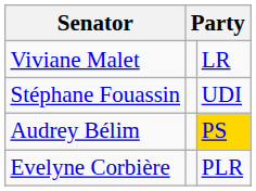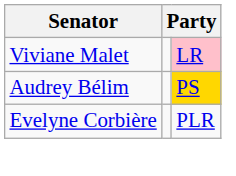 <table class="wikitable">
 <tr>
 <th>Senator</th>
 <th colspan="2">Party</th>
 </tr>
 <tr>
 <td><a href='#'>Viviane Malet</a></td>
 <td style="background-color: "></td>
-<td><a href='#'>LR</a></td>
-</tr>
-<tr>
-<td><a href='#'>Stéphane Fouassin</a></td>
-<td style="background-color: "></td>
-<td><a href='#'>UDI</a></td>
+<td style="background: pink;"><a href='#'>LR</a></td>
 </tr>
 <tr>
 <td><a href='#'>Audrey Bélim</a></td>
 <td style="background-color: "></td>
 <td style="background: gold;"><a href='#'>PS</a></td>
 </tr>
 <tr>
 <td><a href='#'>Evelyne Corbière</a></td>
 <td style="background-color: "></td>
 <td><a href='#'>PLR</a></td>
 </tr>
 </table>
